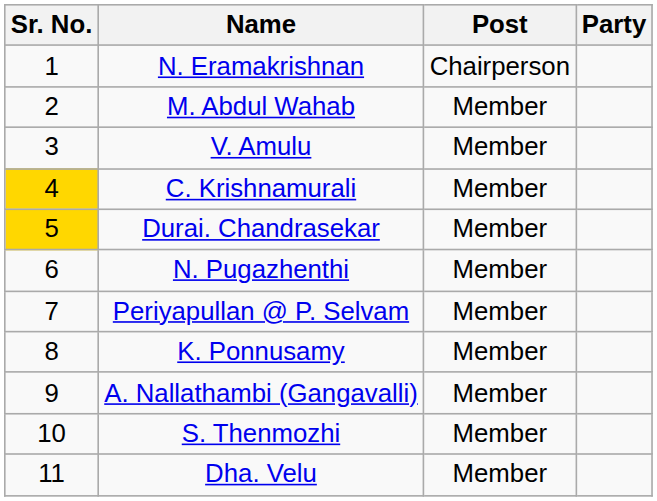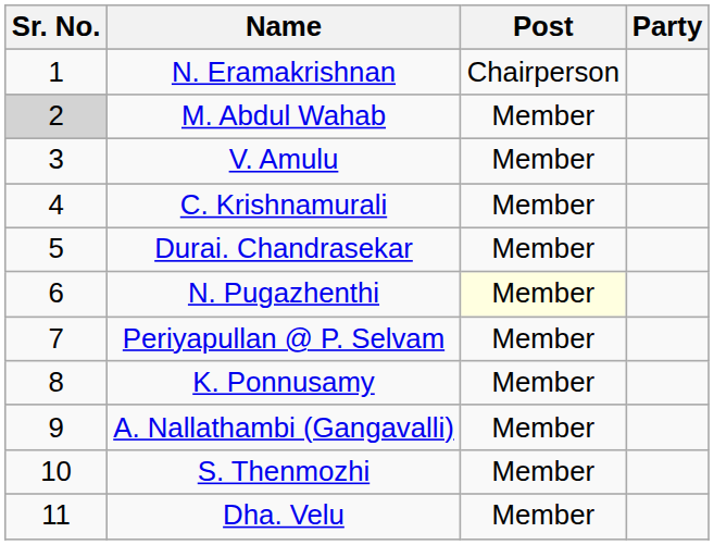 <table class="wikitable sortable">
 <tr>
 <th>Sr. No.</th>
 <th>Name</th>
 <th>Post</th>
 <th colspan="2">Party</th>
 </tr>
 <tr align="center">
 <td>1</td>
 <td><a href='#'>N. Eramakrishnan</a></td>
 <td>Chairperson</td>
 <td></td>
 </tr>
 <tr align="center">
-<td>2</td>
+<td style="background: lightgrey;">2</td>
 <td><a href='#'>M. Abdul Wahab</a></td>
 <td>Member</td>
 <td></td>
 </tr>
 <tr align="center">
 <td>3</td>
 <td><a href='#'>V. Amulu</a></td>
 <td>Member</td>
 <td></td>
 </tr>
 <tr align="center">
-<td style="background: gold;">4</td>
+<td>4</td>
 <td><a href='#'>C. Krishnamurali</a></td>
 <td>Member</td>
 <td></td>
 </tr>
 <tr align="center">
-<td style="background: gold;">5</td>
+<td>5</td>
 <td><a href='#'>Durai. Chandrasekar</a></td>
 <td>Member</td>
 <td></td>
 </tr>
 <tr align="center">
 <td>6</td>
 <td><a href='#'>N. Pugazhenthi</a></td>
-<td>Member</td>
+<td style="background: lightyellow;">Member</td>
 <td></td>
 </tr>
 <tr align="center">
 <td>7</td>
 <td><a href='#'>Periyapullan @ P. Selvam</a></td>
 <td>Member</td>
 <td></td>
 </tr>
 <tr align="center">
 <td>8</td>
 <td><a href='#'>K. Ponnusamy</a></td>
 <td>Member</td>
 <td></td>
 </tr>
 <tr align="center">
 <td>9</td>
 <td><a href='#'>A. Nallathambi (Gangavalli)</a></td>
 <td>Member</td>
 <td></td>
 </tr>
 <tr align="center">
 <td>10</td>
 <td><a href='#'>S. Thenmozhi</a></td>
 <td>Member</td>
 <td></td>
 </tr>
 <tr align="center">
 <td>11</td>
 <td><a href='#'>Dha. Velu</a></td>
 <td>Member</td>
 <td></td>
 </tr>
 </table>
